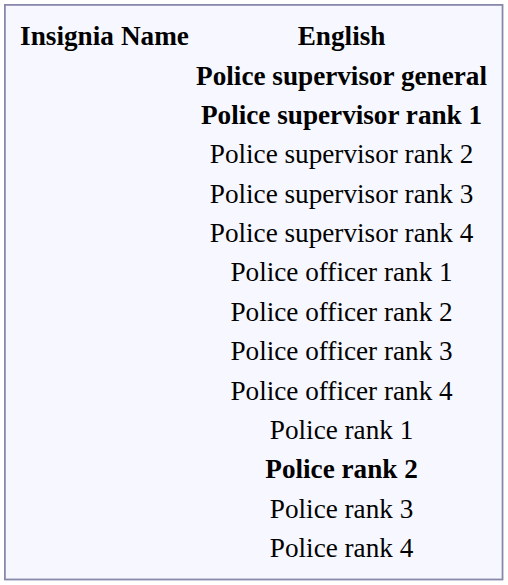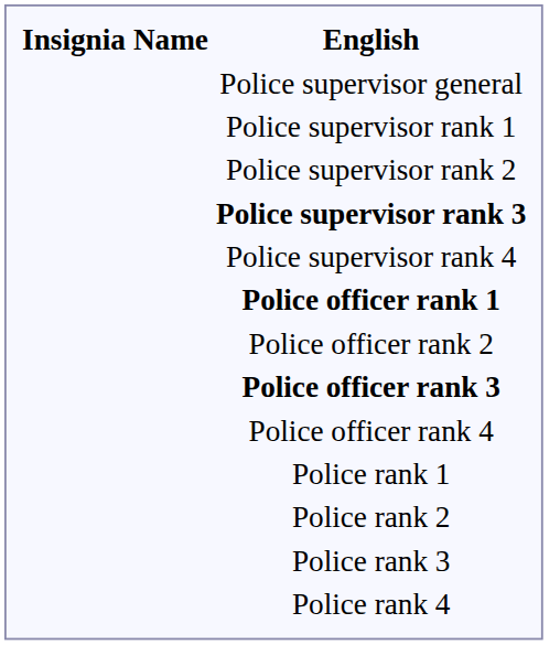 <table style="border:1px solid #8888aa; background-color:#f7f8ff; padding:5px; font-size:95%; margin: 0px 12px 12px 0px;">
 <tr style="text-align:center;">
 <th>Insignia</th>
 <th>Name</th>
 <th>English</th>
 </tr>
 <tr style="text-align:center;">
 <td></td>
 <td></td>
-<td><strong>Police supervisor general</strong></td>
+<td>Police supervisor general</td>
 </tr>
 <tr style="text-align:center;">
 <td rowspan=2></td>
 <td></td>
-<td><strong>Police supervisor rank 1</strong></td>
+<td>Police supervisor rank 1</td>
 </tr>
 <tr style="text-align:center;">
 <td></td>
 <td>Police supervisor rank 2</td>
 </tr>
 <tr style="text-align:center;">
 <td></td>
 <td></td>
-<td>Police supervisor rank 3</td>
+<td><strong>Police supervisor rank 3</strong></td>
 </tr>
 <tr style="text-align:center;">
 <td></td>
 <td></td>
 <td>Police supervisor rank 4</td>
 </tr>
 <tr style="text-align:center;">
 <td></td>
 <td></td>
-<td>Police officer rank 1</td>
+<td><strong>Police officer rank 1</strong></td>
 </tr>
 <tr style="text-align:center;">
 <td></td>
 <td></td>
 <td>Police officer rank 2</td>
 </tr>
 <tr style="text-align:center;">
 <td rowspan=2></td>
 <td></td>
-<td>Police officer rank 3</td>
+<td><strong>Police officer rank 3</strong></td>
 </tr>
 <tr style="text-align:center;">
 <td></td>
 <td>Police officer rank 4</td>
 </tr>
 <tr style="text-align:center;">
 <td></td>
 <td></td>
 <td>Police rank 1</td>
 </tr>
 <tr style="text-align:center;">
 <td></td>
 <td></td>
-<td><strong>Police rank 2</strong></td>
+<td>Police rank 2</td>
 </tr>
 <tr style="text-align:center;">
 <td rowspan=2></td>
 <td></td>
 <td>Police rank 3</td>
 </tr>
 <tr style="text-align:center;">
 <td></td>
 <td>Police rank 4</td>
 </tr>
 </table>
